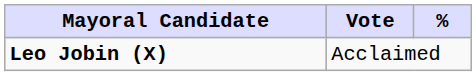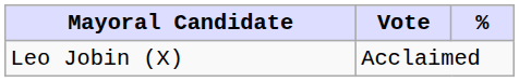 <table class="wikitable">
 <tr>
 <th style="background:#ddf; width:200px;">Mayoral Candidate</th>
 <th style="background:#ddf; width:50px;">Vote</th>
 <th style="background:#ddf; width:30px;">%</th>
 </tr>
 <tr>
-<td><strong>Leo Jobin (X)</strong></td>
+<td>Leo Jobin (X)</td>
 <td colspan="2">Acclaimed</td>
 </tr>
 </table>
